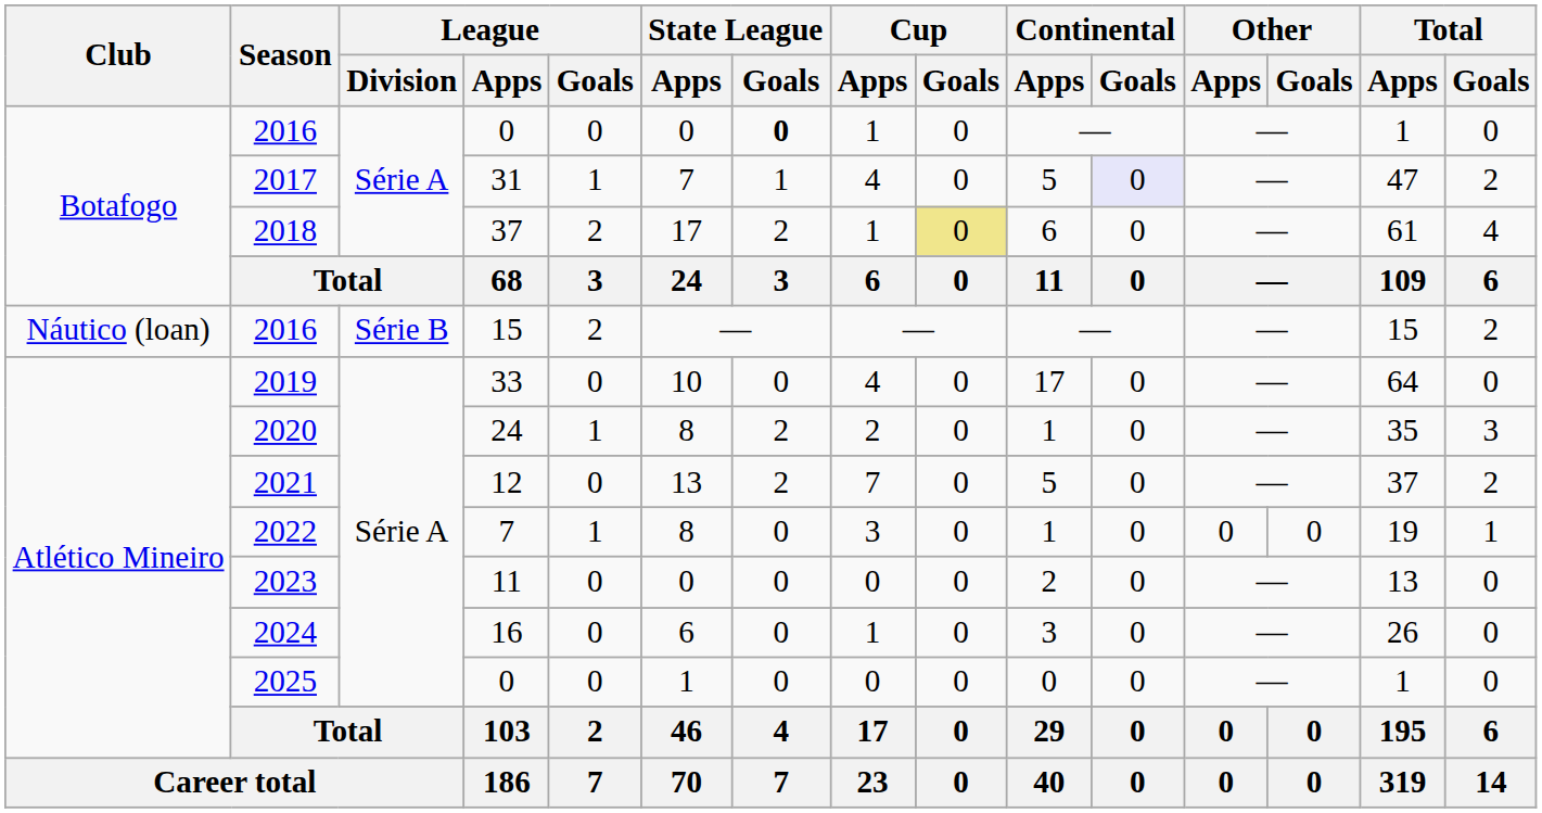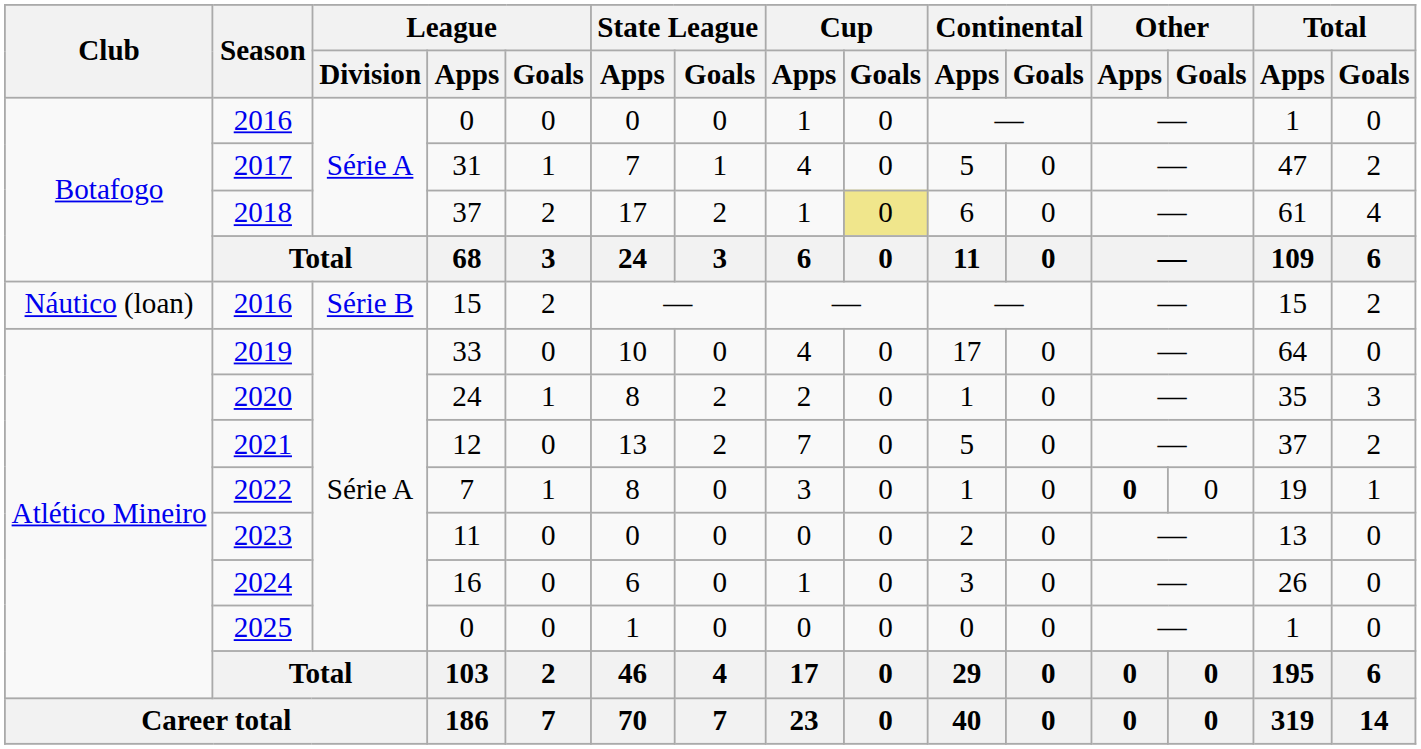 <table class="wikitable" style="text-align: center;">
 <tr>
 <th rowspan="2">Club</th>
 <th rowspan="2">Season</th>
 <th colspan="3">League</th>
 <th colspan="2">State League</th>
 <th colspan="2">Cup</th>
 <th colspan="2">Continental</th>
 <th colspan="2">Other</th>
 <th colspan="2">Total</th>
 </tr>
 <tr>
 <th>Division</th>
 <th>Apps</th>
 <th>Goals</th>
 <th>Apps</th>
 <th>Goals</th>
 <th>Apps</th>
 <th>Goals</th>
 <th>Apps</th>
 <th>Goals</th>
 <th>Apps</th>
 <th>Goals</th>
 <th>Apps</th>
 <th>Goals</th>
 </tr>
 <tr>
 <td rowspan=4><a href='#'>Botafogo</a></td>
 <td><a href='#'>2016</a></td>
 <td rowspan=3><a href='#'>Série A</a></td>
 <td>0</td>
 <td>0</td>
 <td>0</td>
-<td><strong>0</strong></td>
+<td>0</td>
 <td>1</td>
 <td>0</td>
 <td colspan="2">—</td>
 <td colspan="2">—</td>
 <td>1</td>
 <td>0</td>
 </tr>
 <tr>
 <td><a href='#'>2017</a></td>
 <td>31</td>
 <td>1</td>
 <td>7</td>
 <td>1</td>
 <td>4</td>
 <td>0</td>
 <td>5</td>
-<td style="background: lavender;">0</td>
+<td>0</td>
 <td colspan="2">—</td>
 <td>47</td>
 <td>2</td>
 </tr>
 <tr>
 <td><a href='#'>2018</a></td>
 <td>37</td>
 <td>2</td>
 <td>17</td>
 <td>2</td>
 <td>1</td>
 <td style="background: khaki;">0</td>
 <td>6</td>
 <td>0</td>
 <td colspan="2">—</td>
 <td>61</td>
 <td>4</td>
 </tr>
 <tr>
 <th colspan=2>Total</th>
 <th>68</th>
 <th>3</th>
 <th>24</th>
 <th>3</th>
 <th>6</th>
 <th>0</th>
 <th>11</th>
 <th>0</th>
 <th colspan="2">—</th>
 <th>109</th>
 <th>6</th>
 </tr>
 <tr>
 <td><a href='#'>Náutico</a> (loan)</td>
 <td><a href='#'>2016</a></td>
 <td><a href='#'>Série B</a></td>
 <td>15</td>
 <td>2</td>
 <td colspan="2">—</td>
 <td colspan="2">—</td>
 <td colspan="2">—</td>
 <td colspan="2">—</td>
 <td>15</td>
 <td>2</td>
 </tr>
 <tr>
 <td rowspan=8><a href='#'>Atlético Mineiro</a></td>
 <td><a href='#'>2019</a></td>
 <td rowspan=7>Série A</td>
 <td>33</td>
 <td>0</td>
 <td>10</td>
 <td>0</td>
 <td>4</td>
 <td>0</td>
 <td>17</td>
 <td>0</td>
 <td colspan="2">—</td>
 <td>64</td>
 <td>0</td>
 </tr>
 <tr>
 <td><a href='#'>2020</a></td>
 <td>24</td>
 <td>1</td>
 <td>8</td>
 <td>2</td>
 <td>2</td>
 <td>0</td>
 <td>1</td>
 <td>0</td>
 <td colspan="2">—</td>
 <td>35</td>
 <td>3</td>
 </tr>
 <tr>
 <td><a href='#'>2021</a></td>
 <td>12</td>
 <td>0</td>
 <td>13</td>
 <td>2</td>
 <td>7</td>
 <td>0</td>
 <td>5</td>
 <td>0</td>
 <td colspan="2">—</td>
 <td>37</td>
 <td>2</td>
 </tr>
 <tr>
 <td><a href='#'>2022</a></td>
 <td>7</td>
 <td>1</td>
 <td>8</td>
 <td>0</td>
 <td>3</td>
 <td>0</td>
 <td>1</td>
 <td>0</td>
-<td>0</td>
+<td><strong>0</strong></td>
 <td>0</td>
 <td>19</td>
 <td>1</td>
 </tr>
 <tr>
 <td><a href='#'>2023</a></td>
 <td>11</td>
 <td>0</td>
 <td>0</td>
 <td>0</td>
 <td>0</td>
 <td>0</td>
 <td>2</td>
 <td>0</td>
 <td colspan="2">—</td>
 <td>13</td>
 <td>0</td>
 </tr>
 <tr>
 <td><a href='#'>2024</a></td>
 <td>16</td>
 <td>0</td>
 <td>6</td>
 <td>0</td>
 <td>1</td>
 <td>0</td>
 <td>3</td>
 <td>0</td>
 <td colspan="2">—</td>
 <td>26</td>
 <td>0</td>
 </tr>
 <tr>
 <td><a href='#'>2025</a></td>
 <td>0</td>
 <td>0</td>
 <td>1</td>
 <td>0</td>
 <td>0</td>
 <td>0</td>
 <td>0</td>
 <td>0</td>
 <td colspan="2">—</td>
 <td>1</td>
 <td>0</td>
 </tr>
 <tr>
 <th colspan=2>Total</th>
 <th>103</th>
 <th>2</th>
 <th>46</th>
 <th>4</th>
 <th>17</th>
 <th>0</th>
 <th>29</th>
 <th>0</th>
 <th>0</th>
 <th>0</th>
 <th>195</th>
 <th>6</th>
 </tr>
 <tr>
 <th colspan="3"><strong>Career total</strong></th>
 <th>186</th>
 <th>7</th>
 <th>70</th>
 <th>7</th>
 <th>23</th>
 <th>0</th>
 <th>40</th>
 <th>0</th>
 <th>0</th>
 <th>0</th>
 <th>319</th>
 <th>14</th>
 </tr>
 </table>
